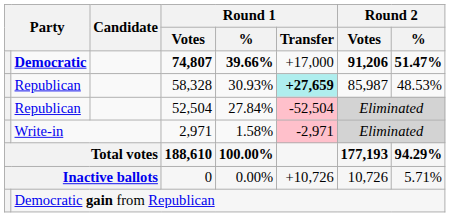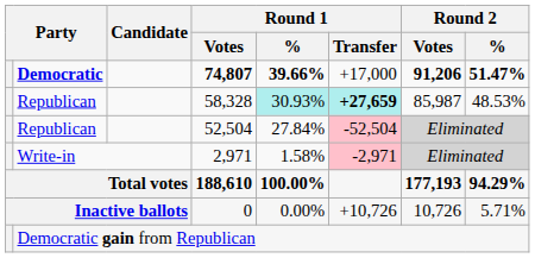 <table class="wikitable sortable" style="text-align:right">
 <tr>
 <th colspan=2 rowspan=2>Party</th>
 <th rowspan=2>Candidate</th>
 <th colspan=3>Round 1</th>
 <th colspan=2>Round 2</th>
 </tr>
 <tr>
 <th>Votes</th>
 <th>%</th>
 <th>Transfer</th>
 <th>Votes</th>
 <th>%</th>
 </tr>
 <tr>
 <th style="background-color:"></th>
 <td style="text-align:left"><strong><a href='#'>Democratic</a></strong></td>
 <td style="text-align:left" scope="row"><strong></strong></td>
 <td><strong>74,807</strong></td>
 <td><strong>39.66%</strong></td>
 <td>+17,000</td>
 <td><strong>91,206</strong></td>
 <td><strong>51.47%</strong></td>
 </tr>
 <tr>
 <th style="background-color:"></th>
 <td style="text-align:left"><a href='#'>Republican</a></td>
 <td style="text-align:left" scope="row"></td>
 <td>58,328</td>
-<td>30.93%</td>
+<td style="background: paleturquoise;">30.93%</td>
 <td style="background: paleturquoise;"><strong>+27,659</strong></td>
 <td>85,987</td>
 <td>48.53%</td>
 </tr>
 <tr>
 <th style="background-color:"></th>
 <td style="text-align:left"><a href='#'>Republican</a></td>
 <td style="text-align:left" scope="row"></td>
 <td>52,504</td>
 <td>27.84%</td>
 <td style="background:pink;">-52,504</td>
 <td colspan="2"  style="background:lightgrey; text-align:center;"><em>Eliminated</em></td>
 </tr>
 <tr>
 <th style="background-color:"></th>
 <td style="text-align:left" colspan=2><a href='#'>Write-in</a></td>
 <td>2,971</td>
 <td>1.58%</td>
 <td style="background:pink;">-2,971</td>
 <td colspan="2"  style="background:lightgrey; text-align:center;"><em>Eliminated</em></td>
 </tr>
 <tr class="sortbottom" style="background:#f6f6f6;">
 <th colspan=3 scope="row" style="text-align:right;">Total votes</th>
 <td><strong>188,610</strong></td>
 <td><strong>100.00%</strong></td>
 <td></td>
 <td><strong>177,193</strong></td>
 <td><strong>94.29%</strong></td>
 </tr>
 <tr class="sortbottom" style="background:#f6f6f6;">
 <th colspan=3 scope="row" style="text-align:right;"><a href='#'>Inactive ballots</a></th>
 <td>0</td>
 <td>0.00%</td>
 <td>+10,726</td>
 <td>10,726</td>
 <td>5.71%</td>
 </tr>
 <tr class="sortbottom" style="background:#f6f6f6;">
 <th style="background-color:"></th>
 <td style="text-align:left" colspan=8><a href='#'>Democratic</a> <strong>gain</strong> from <a href='#'>Republican</a></td>
 </tr>
 </table>
